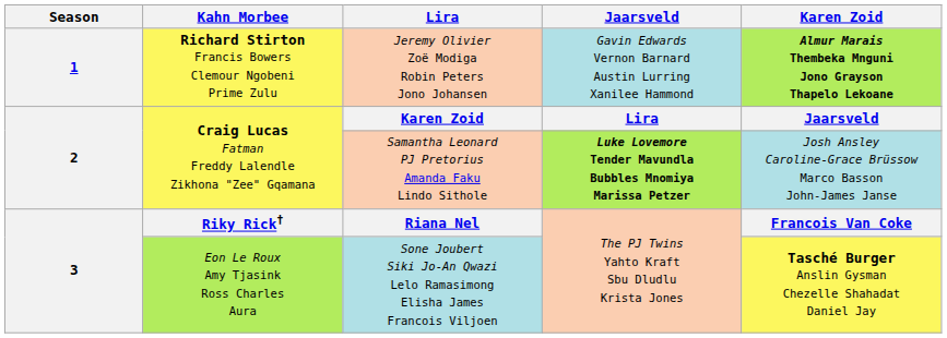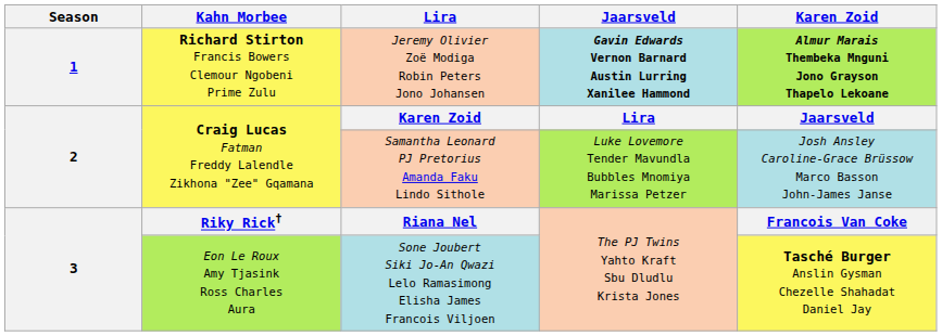 <table class="wikitable" style="text-align:center; line-height:16px; width:70%;">
 <tr>
 <th style="width:9%;" scope="col">Season</th>
 <th style="width:13%;" scope="col"><a href='#'>Kahn Morbee</a></th>
 <th style="width:13%;" scope="col"><a href='#'>Lira</a></th>
 <th style="width:13%;" scope="col"><a href='#'> Jaarsveld</a></th>
 <th style="width:13%;" scope="col"><a href='#'>Karen Zoid</a></th>
 </tr>
 <tr>
 <th scope="row"><a href='#'>1</a></th>
 <td style="background:#FCF75E;"><strong>Richard Stirton</strong><br><small>Francis Bowers<br>Clemour Ngobeni<br>Prime Zulu</small></td>
 <td style="background:#FBCEB1;"><small><em>Jeremy Olivier</em><br>Zoë Modiga<br>Robin Peters<br>Jono Johansen</small></td>
-<td style="background:#B0E0E6;"><small><em>Gavin Edwards</em><br>Vernon Barnard<br>Austin Lurring<br>Xanilee Hammond</small></td>
+<td style="background:#B0E0E6;"><strong><small><em>Gavin Edwards</em><br>Vernon Barnard<br>Austin Lurring<br>Xanilee Hammond</small></strong></td>
 <td style="background:#B2EC5D;"><strong><small><em>Almur Marais</em><br>Thembeka Mnguni<br>Jono Grayson<br>Thapelo Lekoane</small></strong></td>
 </tr>
 <tr>
 <th scope="row" rowspan=2>2</th>
 <td rowspan="2" style="background:#FCF75E;"><strong>Craig Lucas</strong><br><small><em>Fatman</em><br>Freddy Lalendle<br>Zikhona "Zee" Gqamana</small></td>
 <th style="width:13%;" scope="col"><a href='#'>Karen Zoid</a></th>
 <th style="width:13%;" scope="col"><a href='#'>Lira</a></th>
 <th style="width:13%;" scope="col"><a href='#'> Jaarsveld</a></th>
 </tr>
 <tr>
 <td style="background:#FBCEB1;"><small><em>Samantha Leonard</em><br><em>PJ Pretorius</em><br><a href='#'>Amanda Faku</a><br>Lindo Sithole</small></td>
-<td style="background:#B2EC5D;"><strong><small><em>Luke Lovemore</em><br>Tender Mavundla<br>Bubbles Mnomiya<br>Marissa Petzer</small></strong></td>
+<td style="background:#B2EC5D;"><small><em>Luke Lovemore</em><br>Tender Mavundla<br>Bubbles Mnomiya<br>Marissa Petzer</small></td>
 <td style="background:#B0E0E6;"><small><em>Josh Ansley</em><br><em>Caroline-Grace Brüssow</em><br>Marco Basson<br>John-James Janse</small></td>
 </tr>
 <tr>
 <th scope="row" rowspan="2">3</th>
 <th scope="col"><a href='#'>Riky Rick</a><sup>†</sup></th>
 <th scope="col"><a href='#'>Riana Nel</a></th>
 <td rowspan= "2" style="background:#FBCEB1;"><small><em>The PJ Twins</em><br>Yahto Kraft<br>Sbu Dludlu<br>Krista Jones</small></td>
 <th scope="col"><a href='#'>Francois Van Coke</a></th>
 </tr>
 <tr>
 <td style="background:#B2EC5D;"><small><em>Eon Le Roux</em><br>Amy Tjasink<br>Ross Charles<br>Aura</small></td>
 <td style="background:#B0E0E6;"><small><em>Sone Joubert</em><br><em>Siki Jo-An Qwazi</em><br>Lelo Ramasimong<br>Elisha James<br>Francois Viljoen</small></td>
 <td style="background:#FCF75E;"><strong>Tasché Burger</strong><br><small>Anslin Gysman<br>Chezelle Shahadat<br>Daniel Jay</small></td>
 </tr>
 </table>
